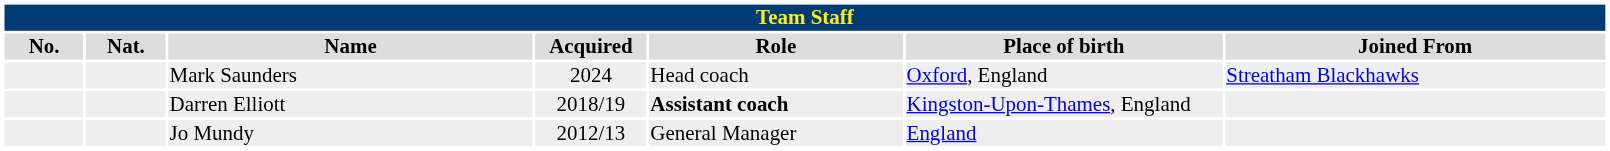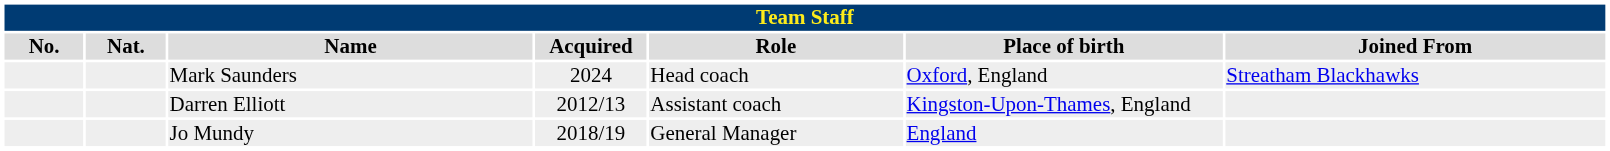 <table class="toccolours"  style="width:97%; clear:both; margin:1.5em auto; text-align:center;">
 <tr>
 <th colspan="11" style="background:#003b73; color:#fdeb1b;”">Team Staff</th>
 </tr>
 <tr style="background:#ddd;">
 <th width=5%>No.</th>
 <th width=5%>Nat.</th>
 <th !width=22%>Name</th>
 <th width=7%>Acquired</th>
 <th width=16%>Role</th>
 <th width=20%>Place of birth</th>
 <th width=24%>Joined From</th>
 </tr>
 <tr style="background:#eee;">
 <td></td>
 <td></td>
 <td align=left>Mark Saunders</td>
 <td>2024</td>
 <td align=left>Head coach</td>
 <td align=left><a href='#'>Oxford</a>, England</td>
 <td align=left><a href='#'>Streatham Blackhawks</a></td>
 </tr>
 <tr style="background:#eee;">
 <td></td>
 <td></td>
 <td align=left>Darren Elliott</td>
-<td>2018/19</td>
-<td align=left><strong>Assistant coach</strong></td>
+<td>2012/13</td>
+<td align=left>Assistant coach</td>
 <td align=left><a href='#'>Kingston-Upon-Thames</a>, England</td>
 <td align=left></td>
 </tr>
 <tr style="background:#eee;">
 <td></td>
 <td></td>
 <td align=left>Jo Mundy</td>
-<td>2012/13</td>
+<td>2018/19</td>
 <td align=left>General Manager</td>
 <td align=left><a href='#'>England</a></td>
 <td align=left></td>
 </tr>
 </table>
